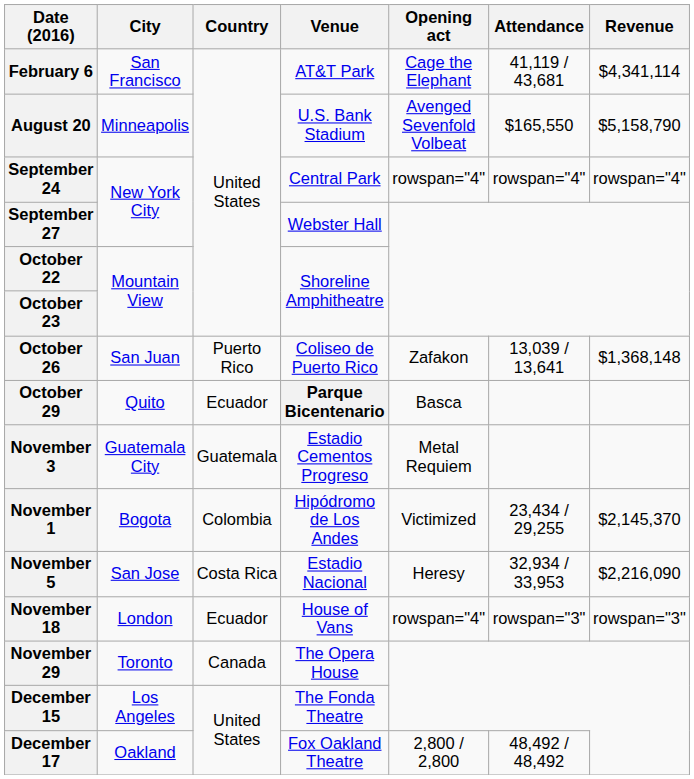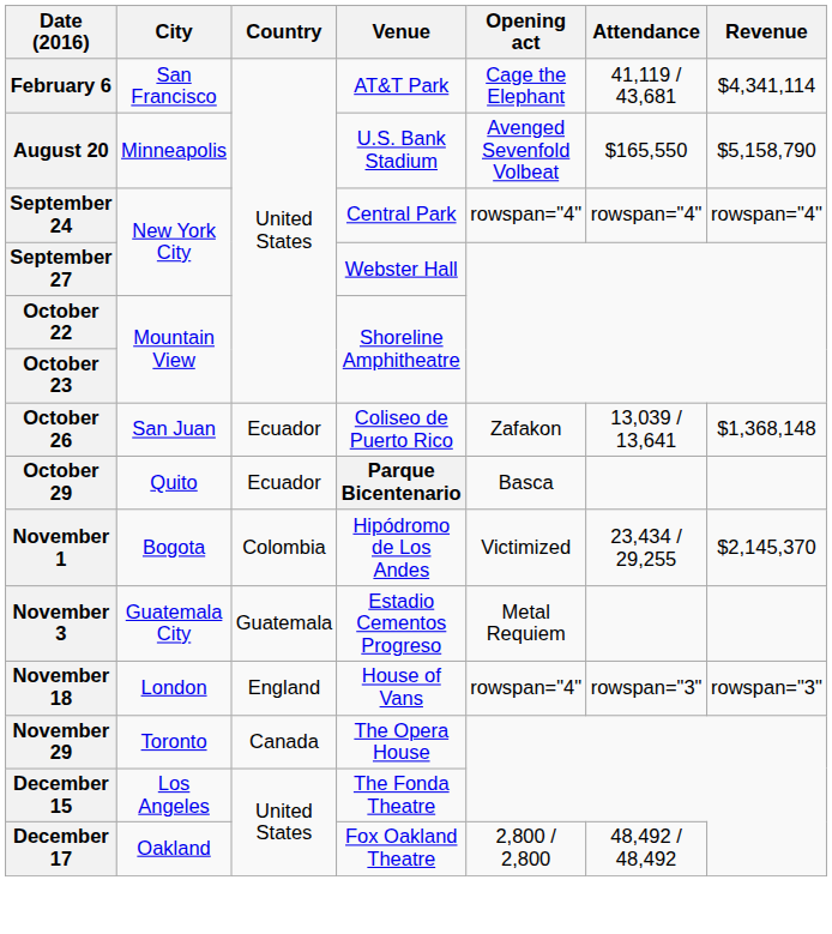 <table class="wikitable plainrowheaders" style="text-align:center;">
 <tr>
 <th scope="col" style="width:12em;">Date (2016)</th>
 <th scope="col" style="width:10em;">City</th>
 <th scope="col" style="width:10em;">Country</th>
 <th scope="col" style="width:17em;">Venue</th>
 <th scope="col" style="width:10em;">Opening act</th>
 <th scope="col" style="width:10em;">Attendance</th>
 <th scope="col" style="width:10em;">Revenue</th>
 </tr>
 <tr>
 <th scope="row" style="text-align:center;">February 6</th>
 <td><a href='#'>San Francisco</a></td>
 <td rowspan="6">United States</td>
 <td><a href='#'>AT&T Park</a></td>
 <td><a href='#'>Cage the Elephant</a></td>
 <td>41,119 / 43,681</td>
 <td>$4,341,114</td>
 </tr>
 <tr>
 <th scope="row" style="text-align:center;">August 20</th>
 <td><a href='#'>Minneapolis</a></td>
 <td><a href='#'>U.S. Bank Stadium</a></td>
 <td><a href='#'>Avenged Sevenfold</a><br><a href='#'>Volbeat</a></td>
 <td>$165,550</td>
 <td>$5,158,790</td>
 </tr>
 <tr>
 <th scope="row" style="text-align:center;">September 24</th>
 <td rowspan="2"><a href='#'>New York City</a></td>
 <td><a href='#'>Central Park</a></td>
 <td>rowspan="4" </td>
 <td>rowspan="4" </td>
 <td>rowspan="4" </td>
 </tr>
 <tr>
 <th scope="row" style="text-align:center;">September 27</th>
 <td><a href='#'>Webster Hall</a></td>
 </tr>
 <tr>
 <th scope="row" style="text-align:center;">October 22</th>
 <td rowspan="2"><a href='#'>Mountain View</a></td>
 <td rowspan="2"><a href='#'>Shoreline Amphitheatre</a></td>
 </tr>
 <tr>
 <th scope="row" style="text-align:center;">October 23</th>
 </tr>
 <tr>
 <th scope="row" style="text-align:center;">October 26</th>
 <td><a href='#'>San Juan</a></td>
-<td>Puerto Rico</td>
+<td>Ecuador</td>
 <td><a href='#'>Coliseo de Puerto Rico</a></td>
 <td>Zafakon</td>
 <td>13,039 / 13,641</td>
 <td>$1,368,148</td>
 </tr>
 <tr>
 <th scope="row" style="text-align:center;">October 29</th>
 <td><a href='#'>Quito</a></td>
 <td>Ecuador</td>
 <th scope="row" style="text-align:center;">Parque Bicentenario</th>
 <td>Basca</td>
 <td></td>
 <td></td>
 </tr>
 <tr>
+<th scope="row" style="text-align:center;">November 1</th>
+<td><a href='#'>Bogota</a></td>
+<td>Colombia</td>
+<td><a href='#'>Hipódromo de Los Andes</a></td>
+<td>Victimized</td>
+<td>23,434 / 29,255</td>
+<td>$2,145,370</td>
+</tr>
+<tr>
 <th scope="row" style="text-align:center;">November 3</th>
 <td><a href='#'>Guatemala City</a></td>
 <td>Guatemala</td>
 <td><a href='#'>Estadio Cementos Progreso</a></td>
 <td>Metal Requiem</td>
 <td></td>
 <td></td>
 </tr>
 <tr>
-<th scope="row" style="text-align:center;">November 1</th>
-<td><a href='#'>Bogota</a></td>
-<td>Colombia</td>
-<td><a href='#'>Hipódromo de Los Andes</a></td>
-<td>Victimized</td>
-<td>23,434 / 29,255</td>
-<td>$2,145,370</td>
-</tr>
-<tr>
-<th scope="row" style="text-align:center;">November 5</th>
-<td><a href='#'>San Jose</a></td>
-<td>Costa Rica</td>
-<td><a href='#'>Estadio Nacional</a></td>
-<td>Heresy</td>
-<td>32,934 / 33,953</td>
-<td>$2,216,090</td>
-</tr>
-<tr>
 <th scope="row" style="text-align:center;">November 18</th>
 <td><a href='#'>London</a></td>
-<td>Ecuador</td>
+<td>England</td>
 <td><a href='#'>House of Vans</a></td>
 <td>rowspan="4" </td>
 <td>rowspan="3" </td>
 <td>rowspan="3" </td>
 </tr>
 <tr>
 <th scope="row" style="text-align:center;">November 29</th>
 <td><a href='#'>Toronto</a></td>
 <td>Canada</td>
 <td><a href='#'>The Opera House</a></td>
 </tr>
 <tr>
 <th scope="row" style="text-align:center;">December 15</th>
 <td><a href='#'>Los Angeles</a></td>
 <td rowspan="2">United States</td>
 <td><a href='#'>The Fonda Theatre</a></td>
 </tr>
 <tr>
 <th scope="row" style="text-align:center;">December 17</th>
 <td><a href='#'>Oakland</a></td>
 <td><a href='#'>Fox Oakland Theatre</a></td>
 <td>2,800 / 2,800</td>
 <td>48,492 / 48,492</td>
 </tr>
 </table>
